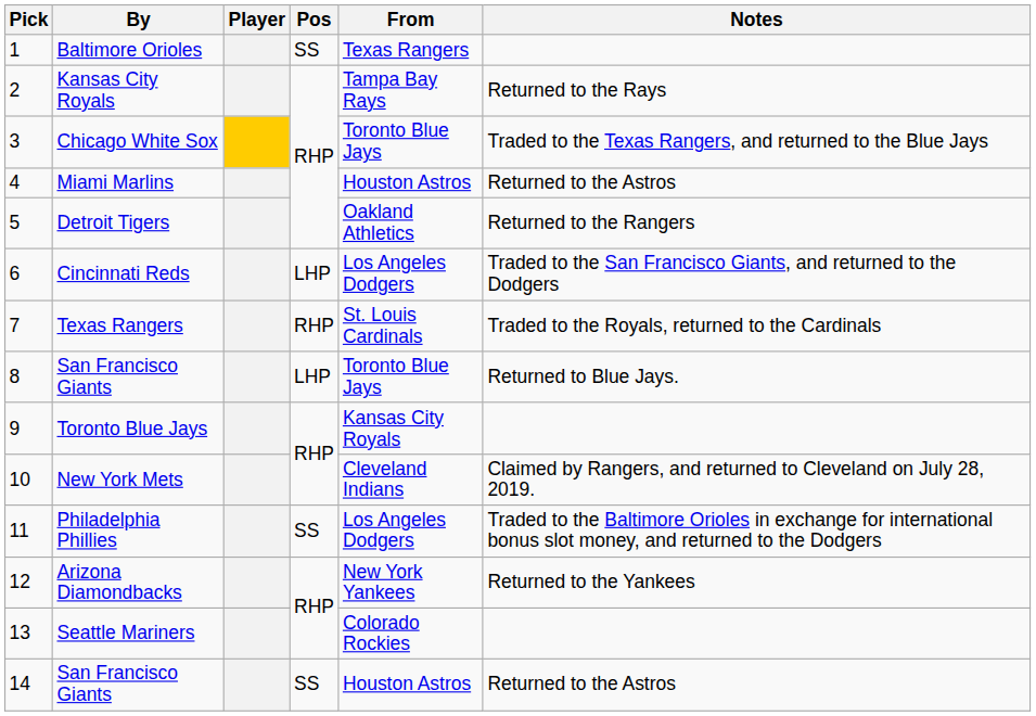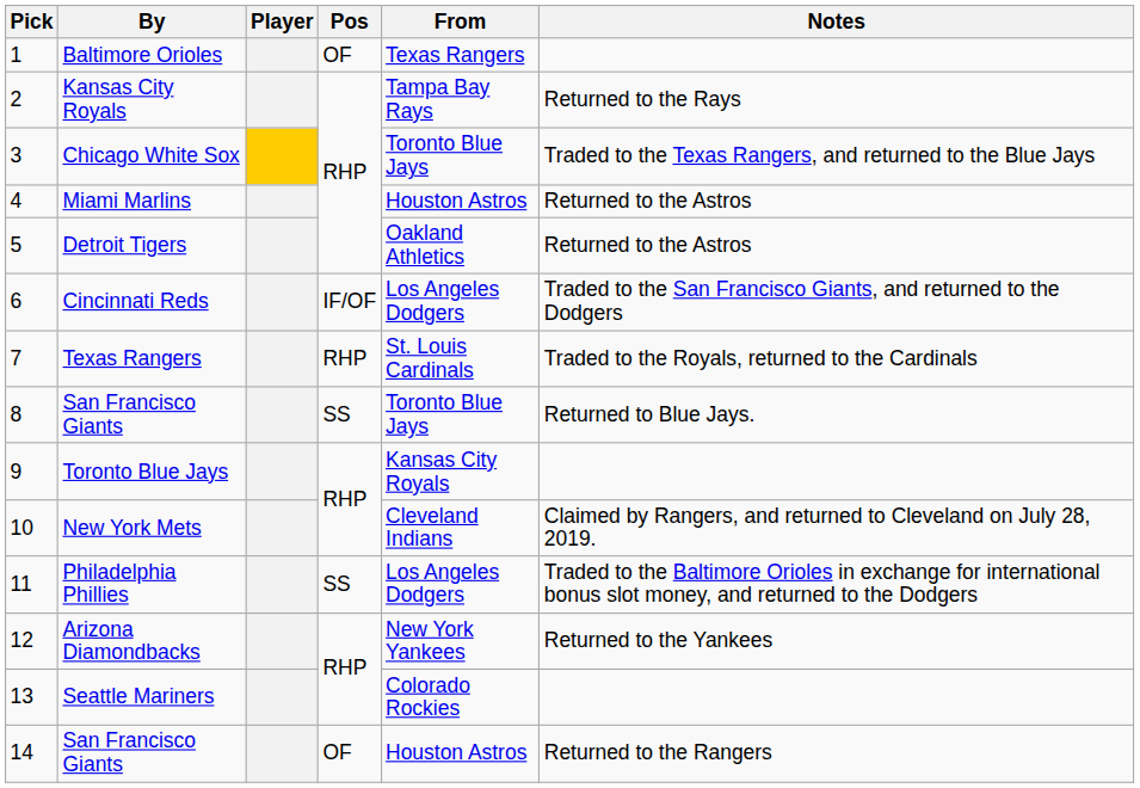 <table class="wikitable sortable plainrowheaders">
 <tr>
 <th scope="col">Pick</th>
 <th scope="col">By</th>
 <th scope="col">Player</th>
 <th scope="col">Pos</th>
 <th scope="col">From</th>
 <th scope="col">Notes</th>
 </tr>
 <tr>
 <td>1</td>
 <td><a href='#'>Baltimore Orioles</a></td>
 <th scope="row"></th>
-<td>SS</td>
+<td>OF</td>
 <td><a href='#'>Texas Rangers</a></td>
 <td></td>
 </tr>
 <tr>
 <td>2</td>
 <td><a href='#'>Kansas City Royals</a></td>
 <th scope="row"></th>
 <td rowspan="4">RHP</td>
 <td><a href='#'>Tampa Bay Rays</a></td>
 <td>Returned to the Rays</td>
 </tr>
 <tr>
 <td>3</td>
 <td><a href='#'>Chicago White Sox</a></td>
 <th scope="row" style="background:#fc0"></th>
 <td><a href='#'>Toronto Blue Jays</a></td>
 <td>Traded to the <a href='#'>Texas Rangers</a>, and returned to the Blue Jays</td>
 </tr>
 <tr>
 <td>4</td>
 <td><a href='#'>Miami Marlins</a></td>
 <th scope="row"></th>
 <td><a href='#'>Houston Astros</a></td>
 <td>Returned to the Astros</td>
 </tr>
 <tr>
 <td>5</td>
 <td><a href='#'>Detroit Tigers</a></td>
 <th scope="row"></th>
 <td><a href='#'>Oakland Athletics</a></td>
-<td>Returned to the Rangers</td>
+<td>Returned to the Astros</td>
 </tr>
 <tr>
 <td>6</td>
 <td><a href='#'>Cincinnati Reds</a></td>
 <th scope="row"></th>
-<td>LHP</td>
+<td>IF/OF</td>
 <td><a href='#'>Los Angeles Dodgers</a></td>
 <td>Traded to the <a href='#'>San Francisco Giants</a>, and returned to the Dodgers</td>
 </tr>
 <tr>
 <td>7</td>
 <td><a href='#'>Texas Rangers</a></td>
 <th scope="row"></th>
 <td>RHP</td>
 <td><a href='#'>St. Louis Cardinals</a></td>
 <td>Traded to the Royals, returned to the Cardinals</td>
 </tr>
 <tr>
 <td>8</td>
 <td><a href='#'>San Francisco Giants</a></td>
 <th scope="row"></th>
-<td>LHP</td>
+<td>SS</td>
 <td><a href='#'>Toronto Blue Jays</a></td>
 <td>Returned to Blue Jays.</td>
 </tr>
 <tr>
 <td>9</td>
 <td><a href='#'>Toronto Blue Jays</a></td>
 <th scope="row"></th>
 <td rowspan="2">RHP</td>
 <td><a href='#'>Kansas City Royals</a></td>
 <td></td>
 </tr>
 <tr>
 <td>10</td>
 <td><a href='#'>New York Mets</a></td>
 <th scope="row"></th>
 <td><a href='#'>Cleveland Indians</a></td>
 <td>Claimed by Rangers, and returned to Cleveland on July 28, 2019.</td>
 </tr>
 <tr>
 <td>11</td>
 <td><a href='#'>Philadelphia Phillies</a></td>
 <th scope="row"></th>
 <td>SS</td>
 <td><a href='#'>Los Angeles Dodgers</a></td>
 <td>Traded to the <a href='#'>Baltimore Orioles</a> in exchange for international bonus slot money, and returned to the Dodgers</td>
 </tr>
 <tr>
 <td>12</td>
 <td><a href='#'>Arizona Diamondbacks</a></td>
 <th scope="row"></th>
 <td rowspan="2">RHP</td>
 <td><a href='#'>New York Yankees</a></td>
 <td>Returned to the Yankees</td>
 </tr>
 <tr>
 <td>13</td>
 <td><a href='#'>Seattle Mariners</a></td>
 <th scope="row"></th>
 <td><a href='#'>Colorado Rockies</a></td>
 <td></td>
 </tr>
 <tr>
 <td>14</td>
 <td><a href='#'>San Francisco Giants</a></td>
 <th scope="row"></th>
-<td>SS</td>
+<td>OF</td>
 <td><a href='#'>Houston Astros</a></td>
-<td>Returned to the Astros</td>
+<td>Returned to the Rangers</td>
 </tr>
 </table>
